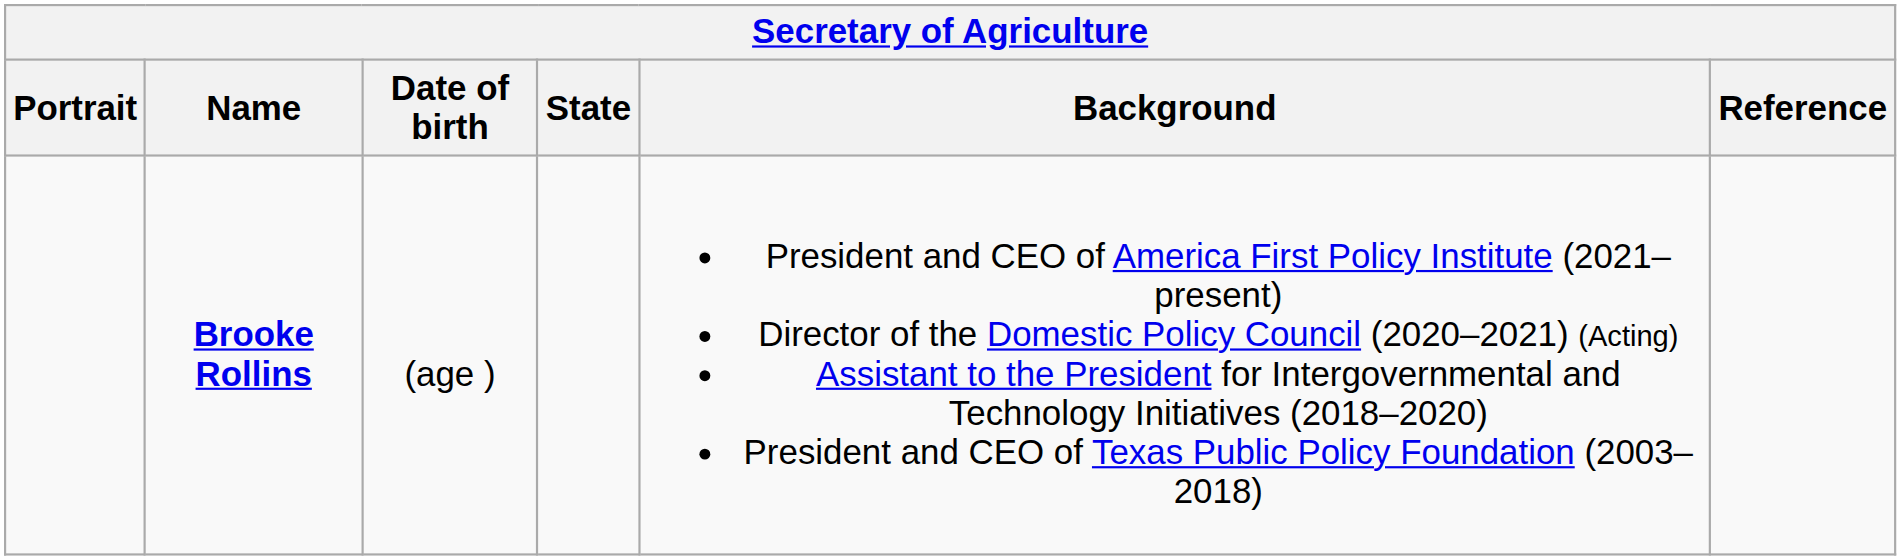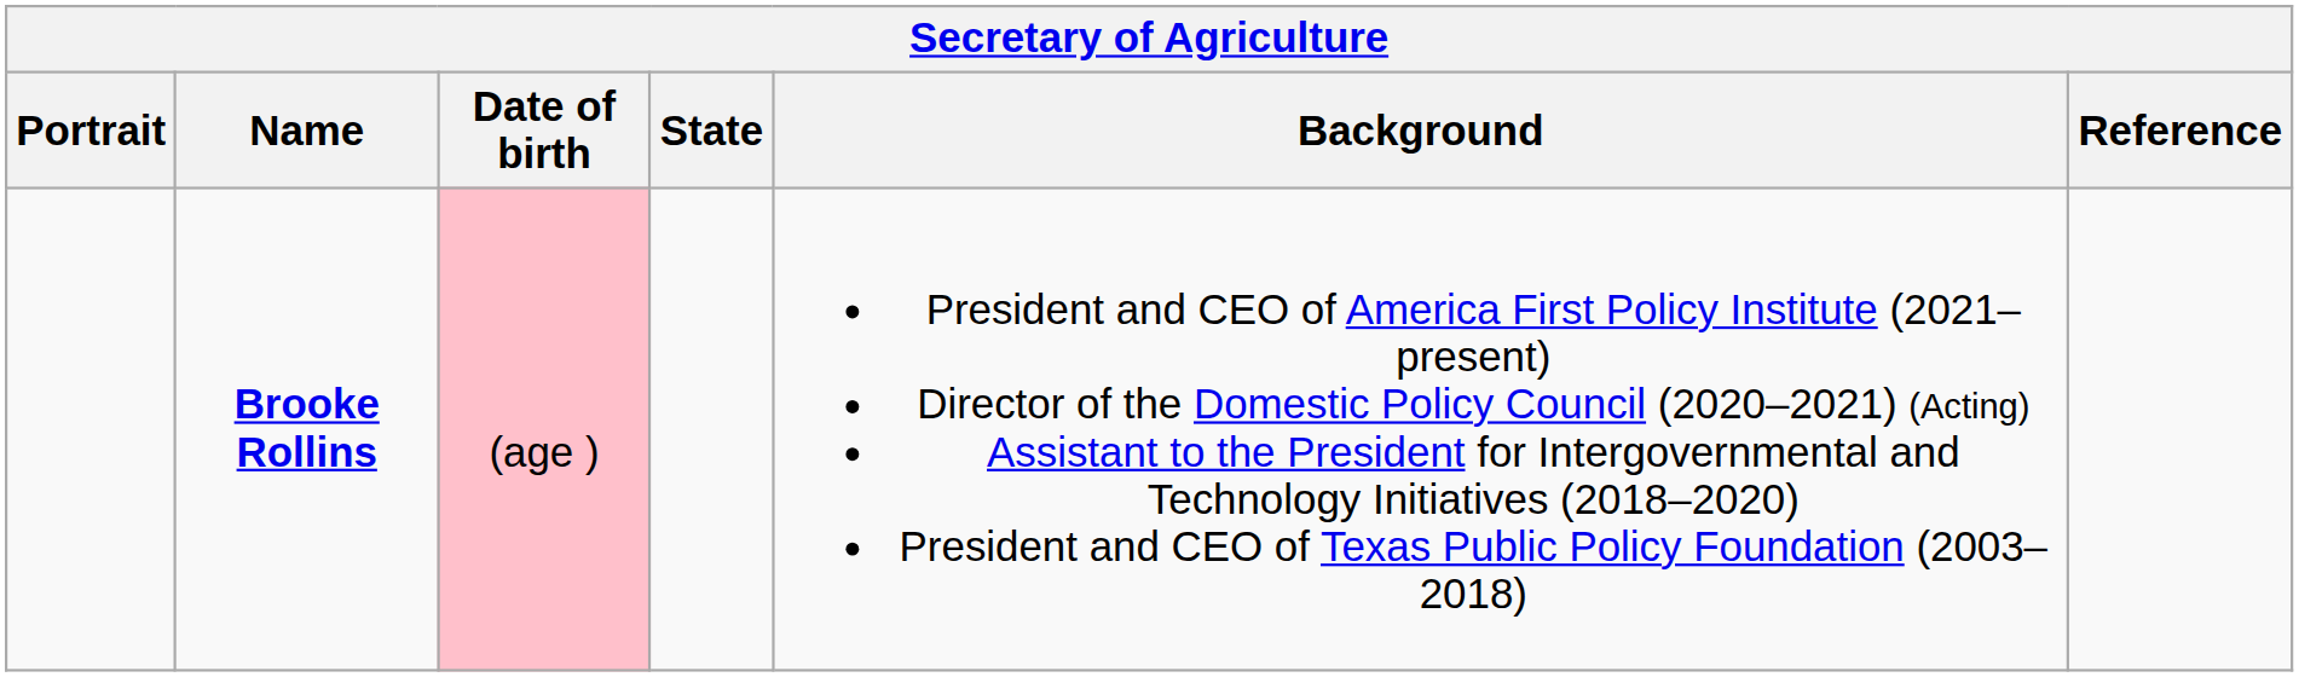 <table class="wikitable collapsible" style="text-align:center;">
 <tr>
 <th colspan="6"><a href='#'>Secretary of Agriculture</a></th>
 </tr>
 <tr>
 <th>Portrait</th>
 <th>Name</th>
 <th>Date of birth</th>
 <th>State</th>
 <th>Background</th>
 <th>Reference</th>
 </tr>
 <tr>
 <td></td>
 <td><strong><a href='#'>Brooke Rollins</a></strong></td>
-<td><br>(age )</td>
+<td style="background: pink;"><br>(age )</td>
 <td></td>
 <td><br><ul><li>President and CEO of <a href='#'>America First Policy Institute</a> (2021–present)</li><li>Director of the <a href='#'>Domestic Policy Council</a> (2020–2021) <small>(Acting)</small></li><li><a href='#'>Assistant to the President</a> for Intergovernmental and Technology Initiatives (2018–2020)</li><li>President and CEO of <a href='#'>Texas Public Policy Foundation</a> (2003–2018)</li></ul></td>
 <td></td>
 </tr>
 </table>
